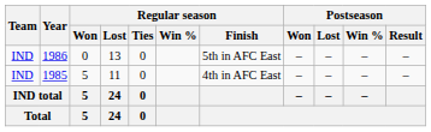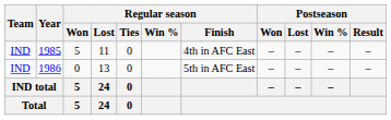 <table class="wikitable" style="font-size: 95%; text-align:center;">
 <tr>
 <th rowspan="2">Team</th>
 <th rowspan="2">Year</th>
 <th colspan="5">Regular season</th>
 <th colspan="4">Postseason</th>
 </tr>
 <tr>
 <th>Won</th>
 <th>Lost</th>
 <th>Ties</th>
 <th>Win %</th>
 <th>Finish</th>
 <th>Won</th>
 <th>Lost</th>
 <th>Win %</th>
 <th>Result</th>
 </tr>
 <tr>
 <td><a href='#'>IND</a></td>
-<td><a href='#'>1986</a></td>
-<td>0</td>
-<td>13</td>
+<td><a href='#'>1985</a></td>
+<td>5</td>
+<td>11</td>
 <td>0</td>
 <td></td>
-<td>5th in AFC East</td>
+<td>4th in AFC East</td>
 <td>–</td>
 <td>–</td>
 <td>–</td>
 <td>–</td>
 </tr>
 <tr>
 <td><a href='#'>IND</a></td>
-<td><a href='#'>1985</a></td>
-<td>5</td>
-<td>11</td>
+<td><a href='#'>1986</a></td>
+<td>0</td>
+<td>13</td>
 <td>0</td>
 <td></td>
-<td>4th in AFC East</td>
+<td>5th in AFC East</td>
 <td>–</td>
 <td>–</td>
 <td>–</td>
 <td>–</td>
 </tr>
 <tr>
 <th colspan="2">IND total</th>
 <th>5</th>
 <th>24</th>
 <th>0</th>
 <th></th>
 <th></th>
 <th>–</th>
 <th>–</th>
 <th>–</th>
 <th></th>
 </tr>
 <tr>
 <th colspan="2">Total</th>
 <th>5</th>
 <th>24</th>
 <th>0</th>
 <th></th>
 <th colspan="5"></th>
 </tr>
 </table>
